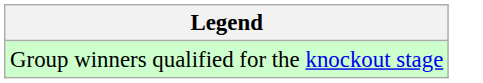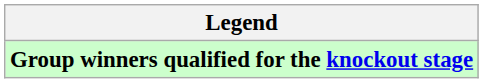 <table class="wikitable">
 <tr>
 <th>Legend</th>
 </tr>
 <tr bgcolor=#ccffcc>
-<td>Group winners qualified for the <a href='#'>knockout stage</a></td>
+<td><strong>Group winners qualified for the <a href='#'>knockout stage</a></strong></td>
 </tr>
 </table>
